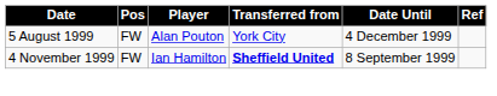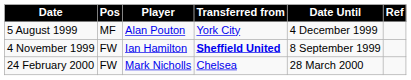 <table class="wikitable plainrowheaders sortable">
 <tr>
 <th style="background:#000000; color:#FFFFFF; ">Date</th>
 <th style="background:#000000; color:#FFFFff; ">Pos</th>
 <th style="background:#000000; color:#FFFFff; ">Player</th>
 <th style="background:#000000; color:#FFFFff; ">Transferred from</th>
 <th style="background:#000000; color:#FFFFff; ">Date Until</th>
 <th style="background:#000000; color:#FFFFff; ">Ref</th>
 </tr>
 <tr>
 <td>5 August 1999</td>
-<td>FW</td>
+<td>MF</td>
 <td> <a href='#'>Alan Pouton</a></td>
 <td> <a href='#'>York City</a></td>
 <td>4 December 1999</td>
 <td></td>
 </tr>
 <tr>
 <td>4 November 1999</td>
 <td>FW</td>
 <td> <a href='#'>Ian Hamilton</a></td>
 <td><strong> <a href='#'>Sheffield United</a></strong></td>
 <td>8 September 1999</td>
 <td></td>
 </tr>
+<tr>
+<td>24 February 2000</td>
+<td>FW</td>
+<td> <a href='#'>Mark Nicholls</a></td>
+<td> <a href='#'>Chelsea</a></td>
+<td>28 March 2000</td>
+<td></td>
+</tr>
 </table>
